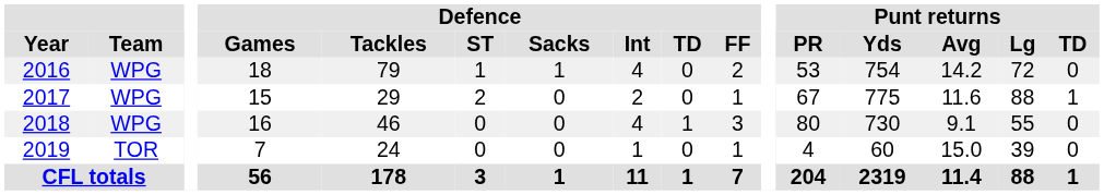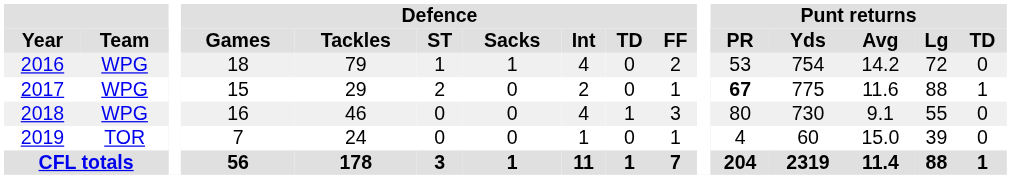 <table BORDER="0" CELLPADDING="1" CELLSPACING="0" width="65%" style="text-align:center">
 <tr bgcolor="#e0e0e0">
 <th colspan="2"></th>
 <th rowspan="101" bgcolor="#ffffff"> </th>
 <th colspan="7">Defence</th>
 <th rowspan="101" bgcolor="#ffffff"> </th>
 <th colspan="5">Punt returns</th>
 </tr>
 <tr bgcolor="#e0e0e0">
 <th>Year</th>
 <th>Team</th>
 <th>Games</th>
 <th>Tackles</th>
 <th>ST</th>
 <th>Sacks</th>
 <th>Int</th>
 <th>TD</th>
 <th>FF</th>
 <th>PR</th>
 <th>Yds</th>
 <th>Avg</th>
 <th>Lg</th>
 <th>TD</th>
 </tr>
 <tr ALIGN="center" bgcolor="#f0f0f0">
 <td><a href='#'>2016</a></td>
 <td><a href='#'>WPG</a></td>
 <td>18</td>
 <td>79</td>
 <td>1</td>
 <td>1</td>
 <td>4</td>
 <td>0</td>
 <td>2</td>
 <td>53</td>
 <td>754</td>
 <td>14.2</td>
 <td>72</td>
 <td>0</td>
 </tr>
 <tr>
 <td><a href='#'>2017</a></td>
 <td><a href='#'>WPG</a></td>
 <td>15</td>
 <td>29</td>
 <td>2</td>
 <td>0</td>
 <td>2</td>
 <td>0</td>
 <td>1</td>
-<td>67</td>
+<td><strong>67</strong></td>
 <td>775</td>
 <td>11.6</td>
 <td>88</td>
 <td>1</td>
 </tr>
 <tr ALIGN="center" bgcolor="#f0f0f0">
 <td><a href='#'>2018</a></td>
 <td><a href='#'>WPG</a></td>
 <td>16</td>
 <td>46</td>
 <td>0</td>
 <td>0</td>
 <td>4</td>
 <td>1</td>
 <td>3</td>
 <td>80</td>
 <td>730</td>
 <td>9.1</td>
 <td>55</td>
 <td>0</td>
 </tr>
 <tr>
 <td><a href='#'>2019</a></td>
 <td><a href='#'>TOR</a></td>
 <td>7</td>
 <td>24</td>
 <td>0</td>
 <td>0</td>
 <td>1</td>
 <td>0</td>
 <td>1</td>
 <td>4</td>
 <td>60</td>
 <td>15.0</td>
 <td>39</td>
 <td>0</td>
 </tr>
 <tr>
 </tr>
 <tr bgcolor="#e0e0e0">
 <th colspan="2"><a href='#'>CFL totals</a></th>
 <th>56</th>
 <th>178</th>
 <th>3</th>
 <th>1</th>
 <th>11</th>
 <th>1</th>
 <th>7</th>
 <th>204</th>
 <th>2319</th>
 <th>11.4</th>
 <th>88</th>
 <th>1</th>
 </tr>
 </table>
